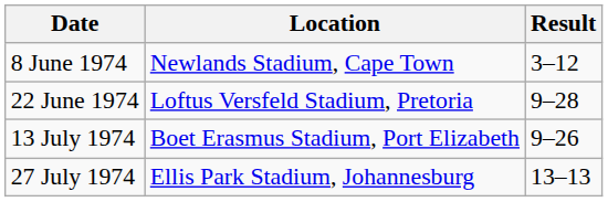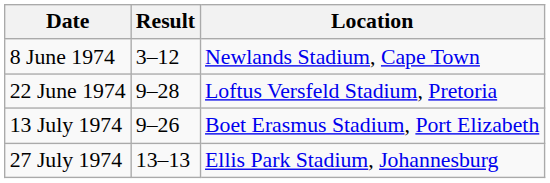 <table class="wikitable" style="align:center;">
 <tr>
 <th>Date</th>
+<th>Result</th>
 <th>Location</th>
-<th>Result</th>
 </tr>
 <tr>
 <td>8 June 1974</td>
+<td> 3–12 </td>
 <td><a href='#'>Newlands Stadium</a>, <a href='#'>Cape Town</a></td>
-<td> 3–12 </td>
 </tr>
 <tr>
 <td>22 June 1974</td>
+<td> 9–28 </td>
 <td><a href='#'>Loftus Versfeld Stadium</a>, <a href='#'>Pretoria</a></td>
-<td> 9–28 </td>
 </tr>
 <tr>
 <td>13 July 1974</td>
+<td> 9–26 </td>
 <td><a href='#'>Boet Erasmus Stadium</a>, <a href='#'>Port Elizabeth</a></td>
-<td> 9–26 </td>
 </tr>
 <tr>
 <td>27 July 1974</td>
+<td> 13–13 </td>
 <td><a href='#'>Ellis Park Stadium</a>, <a href='#'>Johannesburg</a></td>
-<td> 13–13 </td>
 </tr>
 </table>
